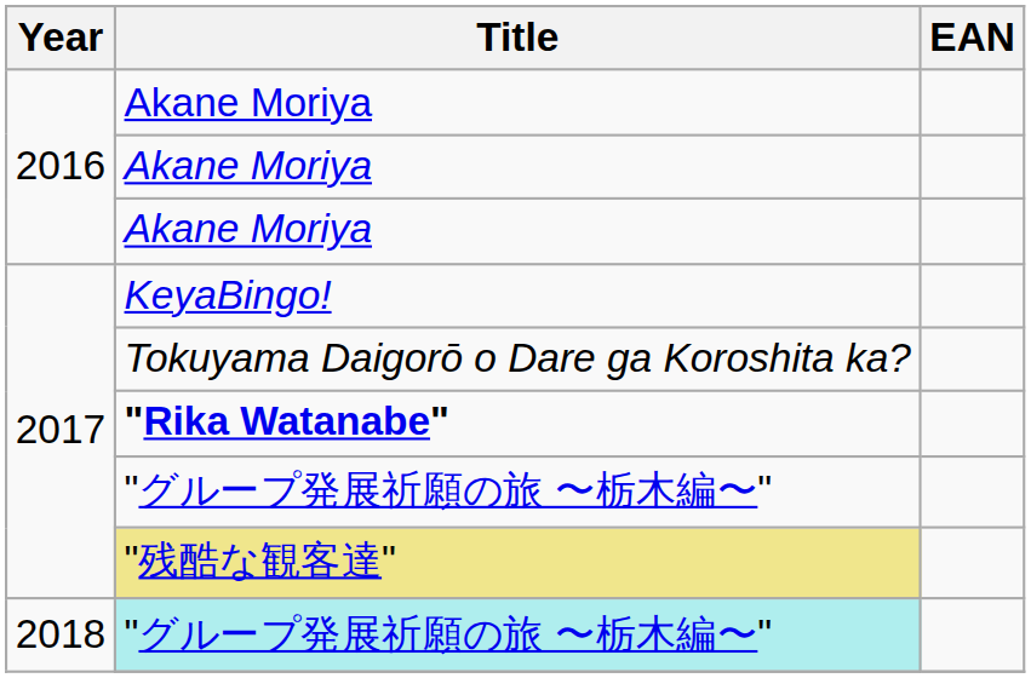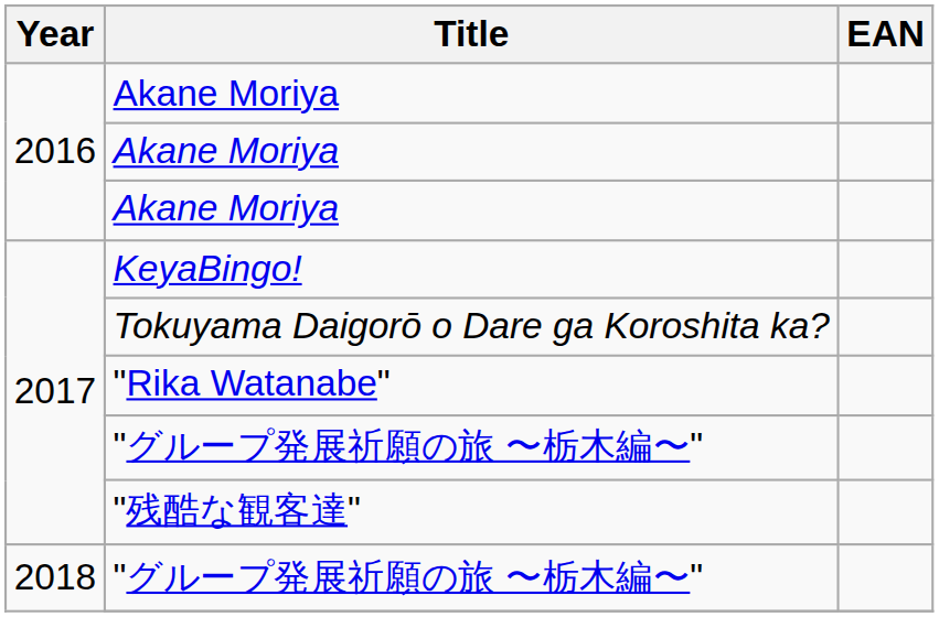 <table class="wikitable">
 <tr>
 <th>Year</th>
 <th>Title</th>
 <th>EAN</th>
 </tr>
 <tr>
 <td rowspan="3">2016</td>
 <td><a href='#'>Akane Moriya</a></td>
 <td></td>
 </tr>
 <tr>
 <td><em><a href='#'>Akane Moriya</a></em></td>
 <td></td>
 </tr>
 <tr>
 <td><em><a href='#'>Akane Moriya</a></em></td>
 <td></td>
 </tr>
 <tr>
 <td rowspan="5">2017</td>
 <td><em><a href='#'>KeyaBingo!</a></em></td>
 <td></td>
 </tr>
 <tr>
 <td><em>Tokuyama Daigorō o Dare ga Koroshita ka?</em></td>
 <td></td>
 </tr>
 <tr>
-<td><strong>"<a href='#'>Rika Watanabe</a>"</strong></td>
+<td>"<a href='#'>Rika Watanabe</a>"</td>
 <td></td>
 </tr>
 <tr>
 <td>"<a href='#'>グループ発展祈願の旅 〜栃木編〜</a>"</td>
 <td></td>
 </tr>
 <tr>
-<td style="background: khaki;">"<a href='#'>残酷な観客達</a>"</td>
+<td>"<a href='#'>残酷な観客達</a>"</td>
 <td></td>
 </tr>
 <tr>
 <td rowspan="2">2018</td>
-<td style="background: paleturquoise;">"<a href='#'>グループ発展祈願の旅 〜栃木編〜</a>"</td>
+<td>"<a href='#'>グループ発展祈願の旅 〜栃木編〜</a>"</td>
 <td></td>
 </tr>
 <tr>
 </tr>
 </table>
